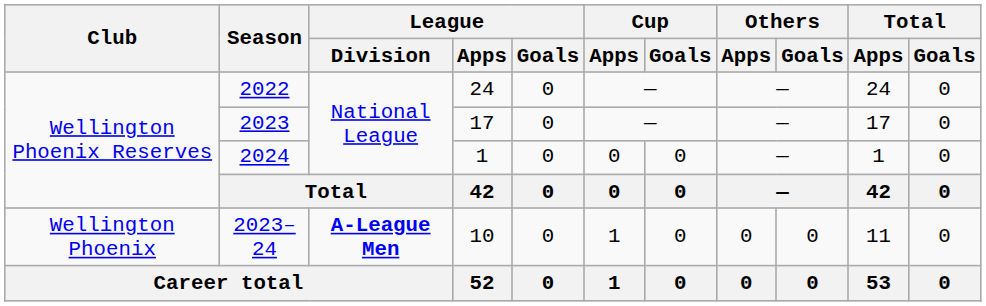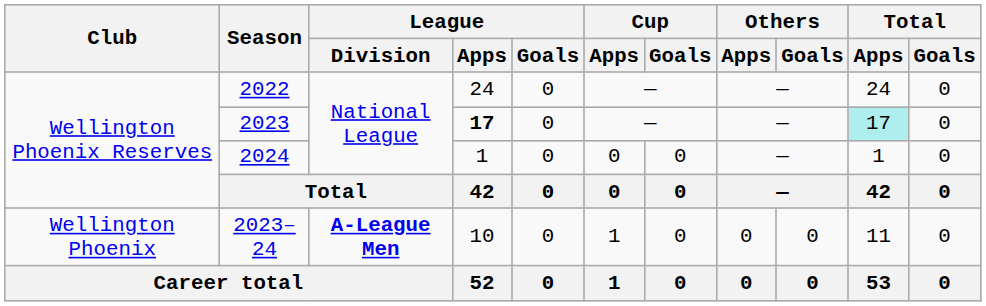 <table class="wikitable" style="text-align: center;">
 <tr>
 <th rowspan=2>Club</th>
 <th rowspan=2>Season</th>
 <th colspan=3>League</th>
 <th colspan=2>Cup</th>
 <th colspan=2>Others</th>
 <th colspan=2>Total</th>
 </tr>
 <tr>
 <th>Division</th>
 <th>Apps</th>
 <th>Goals</th>
 <th>Apps</th>
 <th>Goals</th>
 <th>Apps</th>
 <th>Goals</th>
 <th>Apps</th>
 <th>Goals</th>
 </tr>
 <tr>
 <td rowspan=4><a href='#'>Wellington Phoenix Reserves</a></td>
 <td><a href='#'>2022</a></td>
 <td rowspan=3><a href='#'>National League</a></td>
 <td>24</td>
 <td>0</td>
 <td colspan=2>—</td>
 <td colspan=2>—</td>
 <td>24</td>
 <td>0</td>
 </tr>
 <tr>
 <td><a href='#'>2023</a></td>
-<td>17</td>
+<td><strong>17</strong></td>
 <td>0</td>
 <td colspan=2>—</td>
 <td colspan=2>—</td>
-<td>17</td>
+<td style="background: paleturquoise;">17</td>
 <td>0</td>
 </tr>
 <tr>
 <td><a href='#'>2024</a></td>
 <td>1</td>
 <td>0</td>
 <td>0</td>
 <td>0</td>
 <td colspan=2>—</td>
 <td>1</td>
 <td>0</td>
 </tr>
 <tr>
 <th colspan=2>Total</th>
 <th>42</th>
 <th>0</th>
 <th>0</th>
 <th>0</th>
 <th colspan=2>—</th>
 <th>42</th>
 <th>0</th>
 </tr>
 <tr>
 <td rowspan=1><a href='#'>Wellington Phoenix</a></td>
 <td><a href='#'>2023–24</a></td>
 <td><strong><a href='#'>A-League Men</a></strong></td>
 <td>10</td>
 <td>0</td>
 <td>1</td>
 <td>0</td>
 <td>0</td>
 <td>0</td>
 <td>11</td>
 <td>0</td>
 </tr>
 <tr>
 <th colspan=3>Career total</th>
 <th>52</th>
 <th>0</th>
 <th>1</th>
 <th>0</th>
 <th>0</th>
 <th>0</th>
 <th>53</th>
 <th>0</th>
 </tr>
 </table>
